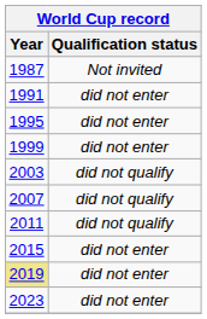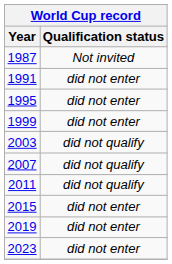 <table class=wikitable style="text-align: center; font-size: 87%;">
 <tr>
 <th colspan="8"><a href='#'>World Cup record</a></th>
 </tr>
 <tr>
 <th>Year</th>
 <th>Qualification status</th>
 </tr>
 <tr>
 <td> <a href='#'>1987</a></td>
 <td colspan="7"><em>Not invited</em></td>
 </tr>
 <tr>
 <td> <a href='#'>1991</a></td>
 <td colspan="7"><em>did not enter</em></td>
 </tr>
 <tr>
 <td> <a href='#'>1995</a></td>
 <td colspan="7"><em>did not enter</em></td>
 </tr>
 <tr>
 <td> <a href='#'>1999</a></td>
 <td colspan="7"><em>did not enter</em></td>
 </tr>
 <tr>
 <td> <a href='#'>2003</a></td>
 <td colspan="7"><em>did not qualify</em></td>
 </tr>
 <tr>
 <td> <a href='#'>2007</a></td>
 <td colspan="7"><em>did not qualify</em></td>
 </tr>
 <tr>
 <td> <a href='#'>2011</a></td>
 <td colspan="7"><em>did not qualify</em></td>
 </tr>
 <tr>
 <td> <a href='#'>2015</a></td>
 <td colspan="7"><em>did not enter</em></td>
 </tr>
 <tr>
-<td style="background: khaki;"> <a href='#'>2019</a></td>
+<td> <a href='#'>2019</a></td>
 <td colspan="7"><em>did not enter</em></td>
 </tr>
 <tr>
 <td> <a href='#'>2023</a></td>
 <td colspan="7"><em>did not enter</em></td>
 </tr>
 <tr>
 </tr>
 </table>
